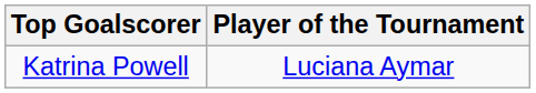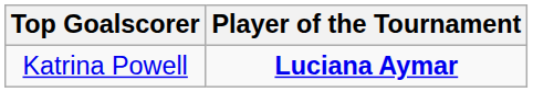 <table class=wikitable style="margin:auto; text-align:center">
 <tr>
 <th>Top Goalscorer</th>
 <th>Player of the Tournament</th>
 </tr>
 <tr>
 <td> <a href='#'>Katrina Powell</a></td>
-<td> <a href='#'>Luciana Aymar</a></td>
+<td><strong> <a href='#'>Luciana Aymar</a></strong></td>
 </tr>
 </table>
